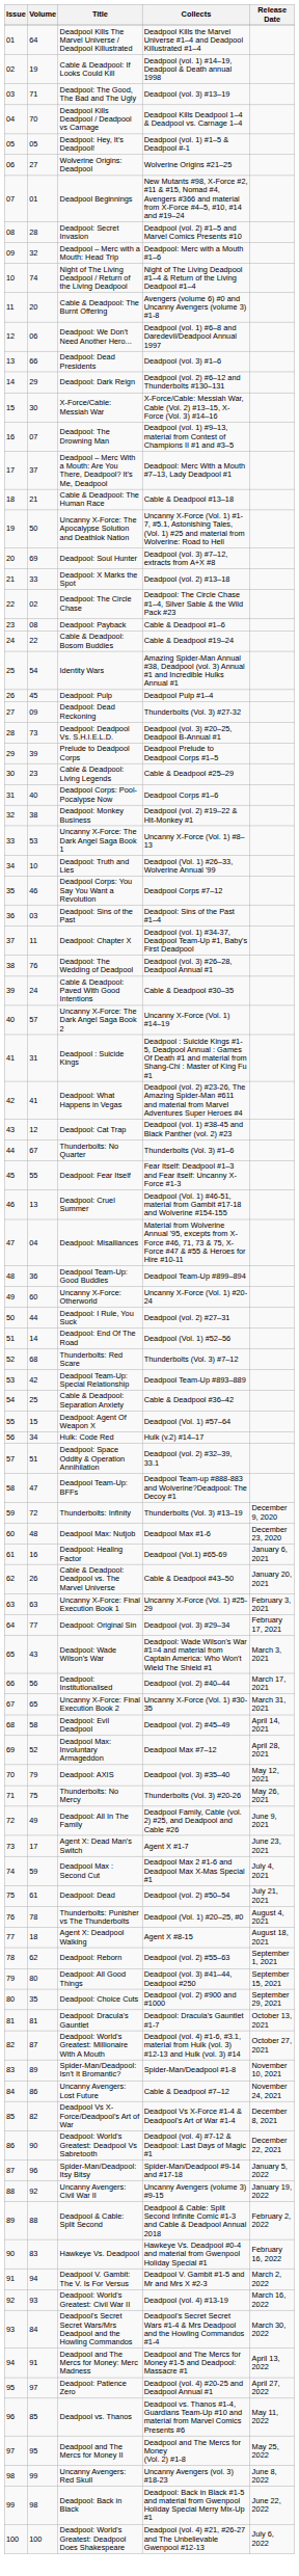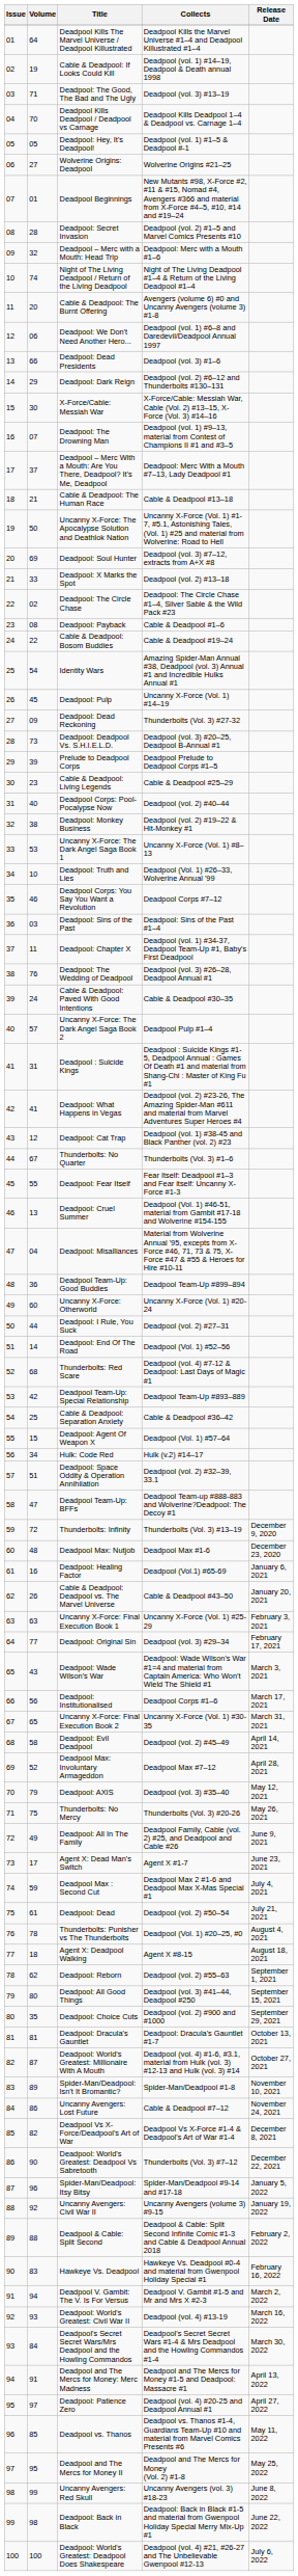 <table class="wikitable sortable" style="text-align: left;">
 <tr>
 <th>Issue</th>
 <th>Volume</th>
 <th>Title</th>
 <th>Collects</th>
 <th>Release Date</th>
 </tr>
 <tr valign="top">
 </tr>
 <tr>
 <td>01</td>
 <td>64</td>
 <td>Deadpool Kills The Marvel Universe / Deadpool Killustrated</td>
 <td>Deadpool Kills the Marvel Universe #1–4 and Deadpool Killustrated #1–4</td>
 <td></td>
 </tr>
 <tr>
 <td>02</td>
 <td>19</td>
 <td>Cable & Deadpool: If Looks Could Kill</td>
 <td>Deadpool (vol. 1) #14–19, Deadpool & Death annual 1998</td>
 <td></td>
 </tr>
 <tr>
 <td>03</td>
 <td>71</td>
 <td>Deadpool: The Good, The Bad and The Ugly</td>
 <td>Deadpool (vol. 3) #13–19</td>
 <td></td>
 </tr>
 <tr>
 <td>04</td>
 <td>70</td>
 <td>Deadpool Kills Deadpool / Deadpool vs Carnage</td>
 <td>Deadpool Kills Deadpool 1–4 & Deadpool vs. Carnage 1–4</td>
 <td></td>
 </tr>
 <tr>
 <td>05</td>
 <td>05</td>
 <td>Deadpool: Hey, It's Deadpool!</td>
 <td>Deadpool (vol. 1) #1–5 & Deadpool #-1</td>
 <td></td>
 </tr>
 <tr>
 <td>06</td>
 <td>27</td>
 <td>Wolverine Origins: Deadpool</td>
 <td>Wolverine Origins #21–25</td>
 <td></td>
 </tr>
 <tr>
 <td>07</td>
 <td>01</td>
 <td>Deadpool Beginnings</td>
 <td>New Mutants #98, X-Force #2, #11 & #15, Nomad #4, Avengers #366 and material from X-Force #4–5, #10, #14 and #19–24</td>
 <td></td>
 </tr>
 <tr>
 <td>08</td>
 <td>28</td>
 <td>Deadpool: Secret Invasion</td>
 <td>Deadpool (vol. 2) #1–5 and Marvel Comics Presents #10</td>
 <td></td>
 </tr>
 <tr>
 <td>09</td>
 <td>32</td>
 <td>Deadpool – Merc with a Mouth: Head Trip</td>
 <td>Deadpool: Merc with a Mouth #1–6</td>
 <td></td>
 </tr>
 <tr>
 <td>10</td>
 <td>74</td>
 <td>Night of The Living Deadpool / Return of the Living Deadpool</td>
 <td>Night of The Living Deadpool #1–4 & Return of the Living Deadpool #1–4</td>
 <td></td>
 </tr>
 <tr>
 <td>11</td>
 <td>20</td>
 <td>Cable & Deadpool: The Burnt Offering</td>
 <td>Avengers (volume 6) #0 and Uncanny Avengers (volume 3) #1-8</td>
 <td></td>
 </tr>
 <tr>
 <td>12</td>
 <td>06</td>
 <td>Deadpool: We Don't Need Another Hero...</td>
 <td>Deadpool (vol. 1) #6–8 and Daredevil/Deadpool Annual 1997</td>
 <td></td>
 </tr>
 <tr>
 <td>13</td>
 <td>66</td>
 <td>Deadpool: Dead Presidents</td>
 <td>Deadpool (vol. 3) #1–6</td>
 <td></td>
 </tr>
 <tr>
 <td>14</td>
 <td>29</td>
 <td>Deadpool: Dark Reign</td>
 <td>Deadpool (vol. 2) #6–12 and Thunderbolts #130–131</td>
 <td></td>
 </tr>
 <tr>
 <td>15</td>
 <td>30</td>
 <td>X-Force/Cable: Messiah War</td>
 <td>X-Force/Cable: Messiah War, Cable (Vol. 2) #13–15, X-Force (Vol. 3) #14–16</td>
 <td></td>
 </tr>
 <tr>
 <td>16</td>
 <td>07</td>
 <td>Deadpool: The Drowning Man</td>
 <td>Deadpool (vol. 1) #9–13, material from Contest of Champions II #1 and #3–5</td>
 <td></td>
 </tr>
 <tr>
 <td>17</td>
 <td>37</td>
 <td>Deadpool – Merc With a Mouth: Are You There, Deadpool? It's Me, Deadpool</td>
 <td>Deadpool: Merc With a Mouth #7–13, Lady Deadpool #1</td>
 <td></td>
 </tr>
 <tr>
 <td>18</td>
 <td>21</td>
 <td>Cable & Deadpool: The Human Race</td>
 <td>Cable & Deadpool #13–18</td>
 <td></td>
 </tr>
 <tr>
 <td>19</td>
 <td>50</td>
 <td>Uncanny X-Force: The Apocalypse Solution and Deathlok Nation</td>
 <td>Uncanny X-Force (Vol. 1) #1-7, #5.1, Astonishing Tales, (Vol. 1) #25 and material from Wolverine: Road to Hell</td>
 <td></td>
 </tr>
 <tr>
 <td>20</td>
 <td>69</td>
 <td>Deadpool: Soul Hunter</td>
 <td>Deadpool (vol. 3) #7–12, extracts from A+X #8</td>
 <td></td>
 </tr>
 <tr>
 <td>21</td>
 <td>33</td>
 <td>Deadpool: X Marks the Spot</td>
 <td>Deadpool (vol. 2) #13–18</td>
 <td></td>
 </tr>
 <tr>
 <td>22</td>
 <td>02</td>
 <td>Deadpool: The Circle Chase</td>
 <td>Deadpool: The Circle Chase #1–4, Silver Sable & the Wild Pack #23</td>
 <td></td>
 </tr>
 <tr>
 <td>23</td>
 <td>08</td>
 <td>Deadpool: Payback</td>
 <td>Cable & Deadpool #1–6</td>
 <td></td>
 </tr>
 <tr>
 <td>24</td>
 <td>22</td>
 <td>Cable & Deadpool: Bosom Buddies</td>
 <td>Cable & Deadpool #19–24</td>
 <td></td>
 </tr>
 <tr>
 <td>25</td>
 <td>54</td>
 <td>Identity Wars</td>
 <td>Amazing Spider-Man Annual #38, Deadpool (vol. 3) Annual #1 and Incredible Hulks Annual #1</td>
 <td></td>
 </tr>
 <tr>
 <td>26</td>
 <td>45</td>
 <td>Deadpool: Pulp</td>
-<td>Deadpool Pulp #1–4</td>
+<td>Uncanny X-Force (Vol. 1) #14–19</td>
 <td></td>
 </tr>
 <tr>
 <td>27</td>
 <td>09</td>
 <td>Deadpool: Dead Reckoning</td>
 <td>Thunderbolts (Vol. 3) #27-32</td>
 <td></td>
 </tr>
 <tr>
 <td>28</td>
 <td>73</td>
 <td>Deadpool: Deadpool Vs. S.H.I.E.L.D.</td>
 <td>Deadpool (vol. 3) #20–25, Deadpool B-Annual #1</td>
 <td></td>
 </tr>
 <tr>
 <td>29</td>
 <td>39</td>
 <td>Prelude to Deadpool Corps</td>
 <td>Deadpool Prelude to Deadpool Corps #1–5</td>
 <td></td>
 </tr>
 <tr>
 <td>30</td>
 <td>23</td>
 <td>Cable & Deadpool: Living Legends</td>
 <td>Cable & Deadpool #25–29</td>
 <td></td>
 </tr>
 <tr>
 <td>31</td>
 <td>40</td>
 <td>Deadpool Corps: Pool-Pocalypse Now</td>
-<td>Deadpool Corps #1–6</td>
+<td>Deadpool (vol. 2) #40–44</td>
 <td></td>
 </tr>
 <tr>
 <td>32</td>
 <td>38</td>
 <td>Deadpool: Monkey Business</td>
 <td>Deadpool (vol. 2) #19–22 & Hit-Monkey #1</td>
 <td></td>
 </tr>
 <tr>
 <td>33</td>
 <td>53</td>
 <td>Uncanny X-Force: The Dark Angel Saga Book 1</td>
 <td>Uncanny X-Force (Vol. 1) #8–13</td>
 <td></td>
 </tr>
 <tr>
 <td>34</td>
 <td>10</td>
 <td>Deadpool: Truth and Lies</td>
 <td>Deadpool (Vol. 1) #26–33, Wolverine Annual '99</td>
 <td></td>
 </tr>
 <tr>
 <td>35</td>
 <td>46</td>
 <td>Deadpool Corps: You Say You Want a Revolution</td>
 <td>Deadpool Corps #7–12</td>
 <td></td>
 </tr>
 <tr>
 <td>36</td>
 <td>03</td>
 <td>Deadpool: Sins of the Past</td>
 <td>Deadpool: Sins of the Past #1–4</td>
 <td></td>
 </tr>
 <tr>
 <td>37</td>
 <td>11</td>
 <td>Deadpool: Chapter X</td>
 <td>Deadpool (vol. 1) #34-37, Deadpool Team-Up #1, Baby's First Deadpool</td>
 <td></td>
 </tr>
 <tr>
 <td>38</td>
 <td>76</td>
 <td>Deadpool: The Wedding of Deadpool</td>
 <td>Deadpool (vol. 3) #26–28, Deadpool Annual #1</td>
 <td></td>
 </tr>
 <tr>
 <td>39</td>
 <td>24</td>
 <td>Cable & Deadpool: Paved With Good Intentions</td>
 <td>Cable & Deadpool #30–35</td>
 <td></td>
 </tr>
 <tr>
 <td>40</td>
 <td>57</td>
 <td>Uncanny X-Force: The Dark Angel Saga Book 2</td>
-<td>Uncanny X-Force (Vol. 1) #14–19</td>
+<td>Deadpool Pulp #1–4</td>
 <td></td>
 </tr>
 <tr>
 <td>41</td>
 <td>31</td>
 <td>Deadpool : Suicide Kings</td>
 <td>Deadpool : Suicide Kings #1-5, Deadpool Annual : Games Of Death #1 and material from Shang-Chi : Master of King Fu #1</td>
 <td></td>
 </tr>
 <tr>
 <td>42</td>
 <td>41</td>
 <td>Deadpool: What Happens in Vegas</td>
 <td>Deadpool (vol. 2) #23-26, The Amazing Spider-Man #611 and material from Marvel Adventures Super Heroes #4</td>
 <td></td>
 </tr>
 <tr>
 <td>43</td>
 <td>12</td>
 <td>Deadpool: Cat Trap</td>
 <td>Deadpool (vol. 1) #38-45 and Black Panther (vol. 2) #23</td>
 <td></td>
 </tr>
 <tr>
 <td>44</td>
 <td>67</td>
 <td>Thunderbolts: No Quarter</td>
 <td>Thunderbolts (Vol. 3) #1–6</td>
 <td></td>
 </tr>
 <tr>
 <td>45</td>
 <td>55</td>
 <td>Deadpool: Fear Itself</td>
 <td>Fear Itself: Deadpool #1–3 and Fear itself: Uncanny X-Force #1-3</td>
 <td></td>
 </tr>
 <tr>
 <td>46</td>
 <td>13</td>
 <td>Deadpool: Cruel Summer</td>
 <td>Deadpool (Vol. 1) #46-51, material from Gambit #17-18 and Wolverine #154-155</td>
 <td></td>
 </tr>
 <tr>
 <td>47</td>
 <td>04</td>
 <td>Deadpool: Misalliances</td>
 <td>Material from Wolverine Annual '95, excepts from X-Force #46, 71, 73 & 75, X-Force #47 & #55 & Heroes for Hire #10-11</td>
 <td></td>
 </tr>
 <tr>
 <td>48</td>
 <td>36</td>
 <td>Deadpool Team-Up: Good Buddies</td>
 <td>Deadpool Team-Up #899–894</td>
 <td></td>
 </tr>
 <tr>
 <td>49</td>
 <td>60</td>
 <td>Uncanny X-Force: Otherworld</td>
 <td>Uncanny X-Force (Vol. 1) #20-24</td>
 <td></td>
 </tr>
 <tr>
 <td>50</td>
 <td>44</td>
 <td>Deadpool: I Rule, You Suck</td>
 <td>Deadpool (vol. 2) #27–31</td>
 <td></td>
 </tr>
 <tr>
 <td>51</td>
 <td>14</td>
 <td>Deadpool: End Of The Road</td>
 <td>Deadpool (Vol. 1) #52–56</td>
 <td></td>
 </tr>
 <tr>
 <td>52</td>
 <td>68</td>
 <td>Thunderbolts: Red Scare</td>
-<td>Thunderbolts (Vol. 3) #7–12</td>
+<td>Deadpool (vol. 4) #7-12 & Deadpool: Last Days of Magic #1</td>
 <td></td>
 </tr>
 <tr>
 <td>53</td>
 <td>42</td>
 <td>Deadpool Team-Up: Special Relationship</td>
 <td>Deadpool Team-Up #893–889</td>
 <td></td>
 </tr>
 <tr>
 <td>54</td>
 <td>25</td>
 <td>Cable & Deadpool: Separation Anxiety</td>
 <td>Cable & Deadpool #36–42</td>
 <td></td>
 </tr>
 <tr>
 <td>55</td>
 <td>15</td>
 <td>Deadpool: Agent Of Weapon X</td>
 <td>Deadpool (Vol. 1) #57–64</td>
 <td></td>
 </tr>
 <tr>
 <td>56</td>
 <td>34</td>
 <td>Hulk: Code Red</td>
 <td>Hulk (v.2) #14–17</td>
 <td></td>
 </tr>
 <tr>
 <td>57</td>
 <td>51</td>
 <td>Deadpool: Space Oddity & Operation Annihilation</td>
 <td>Deadpool (vol. 2) #32–39, 33.1</td>
 <td></td>
 </tr>
 <tr>
 <td>58</td>
 <td>47</td>
 <td>Deadpool Team-Up: BFFs</td>
 <td>Deadpool Team-up #888-883 and Wolverine?Deadpool: The Decoy #1</td>
 <td></td>
 </tr>
 <tr>
 <td>59</td>
 <td>72</td>
 <td>Thunderbolts: Infinity</td>
 <td>Thunderbolts (Vol. 3) #13–19</td>
 <td>December 9, 2020</td>
 </tr>
 <tr>
 <td>60</td>
 <td>48</td>
 <td>Deadpool Max: Nutjob</td>
 <td>Deadpool Max #1-6</td>
 <td>December 23, 2020</td>
 </tr>
 <tr>
 <td>61</td>
 <td>16</td>
 <td>Deadpool: Healing Factor</td>
 <td>Deadpool (Vol.1) #65-69</td>
 <td>January 6, 2021</td>
 </tr>
 <tr>
 <td>62</td>
 <td>26</td>
 <td>Cable & Deadpool: Deadpool vs. The Marvel Universe</td>
 <td>Cable & Deadpool #43–50</td>
 <td>January 20, 2021</td>
 </tr>
 <tr>
 <td>63</td>
 <td>63</td>
 <td>Uncanny X-Force: Final Execution Book 1</td>
 <td>Uncanny X-Force (Vol. 1) #25-29</td>
 <td>February 3, 2021</td>
 </tr>
 <tr>
 <td>64</td>
 <td>77</td>
 <td>Deadpool: Original Sin</td>
 <td>Deadpool (vol. 3) #29–34</td>
 <td>February 17, 2021</td>
 </tr>
 <tr>
 <td>65</td>
 <td>43</td>
 <td>Deadpool: Wade Wilson's War</td>
 <td>Deadpool: Wade Wilson's War #1=4 and material from Captain America: Who Won't Wield The Shield #1</td>
 <td>March 3, 2021</td>
 </tr>
 <tr>
 <td>66</td>
 <td>56</td>
 <td>Deadpool: Institutionalised</td>
-<td>Deadpool (vol. 2) #40–44</td>
+<td>Deadpool Corps #1–6</td>
 <td>March 17, 2021</td>
 </tr>
 <tr>
 <td>67</td>
 <td>65</td>
 <td>Uncanny X-Force: Final Execution Book 2</td>
 <td>Uncanny X-Force (Vol. 1) #30-35</td>
 <td>March 31, 2021</td>
 </tr>
 <tr>
 <td>68</td>
 <td>58</td>
 <td>Deadpool: Evil Deadpool</td>
 <td>Deadpool (vol. 2) #45–49</td>
 <td>April 14, 2021</td>
 </tr>
 <tr>
 <td>69</td>
 <td>52</td>
 <td>Deadpool Max: Involuntary Armageddon</td>
 <td>Deadpool Max #7–12</td>
 <td>April 28, 2021</td>
 </tr>
 <tr>
 <td>70</td>
 <td>79</td>
 <td>Deadpool: AXIS</td>
 <td>Deadpool (vol. 3) #35–40</td>
 <td>May 12, 2021</td>
 </tr>
 <tr>
 <td>71</td>
 <td>75</td>
 <td>Thunderbolts: No Mercy</td>
 <td>Thunderbolts (Vol. 3) #20-26</td>
 <td>May 26, 2021</td>
 </tr>
 <tr>
 <td>72</td>
 <td>49</td>
 <td>Deadpool: All In The Family</td>
 <td>Deadpool Family, Cable (vol. 2) #25, and Deadpool and Cable #26</td>
 <td>June 9, 2021</td>
 </tr>
 <tr>
 <td>73</td>
 <td>17</td>
 <td>Agent X: Dead Man's Switch</td>
 <td>Agent X #1-7</td>
 <td>June 23, 2021</td>
 </tr>
 <tr>
 <td>74</td>
 <td>59</td>
 <td>Deadpool Max : Second Cut</td>
 <td>Deadpool Max 2 #1-6 and Deadpool Max X-Mas Special #1</td>
 <td>July 4, 2021</td>
 </tr>
 <tr>
 <td>75</td>
 <td>61</td>
 <td>Deadpool: Dead</td>
 <td>Deadpool (vol. 2) #50–54</td>
 <td>July 21, 2021</td>
 </tr>
 <tr>
 <td>76</td>
 <td>78</td>
 <td>Thunderbolts: Punisher vs The Thunderbolts</td>
 <td>Deadpool (Vol. 1) #20–25, #0</td>
 <td>August 4, 2021</td>
 </tr>
 <tr>
 <td>77</td>
 <td>18</td>
 <td>Agent X: Deadpool Walking</td>
 <td>Agent X #8-15</td>
 <td>August 18, 2021</td>
 </tr>
 <tr>
 <td>78</td>
 <td>62</td>
 <td>Deadpool: Reborn</td>
 <td>Deadpool (vol. 2) #55–63</td>
 <td>September 1, 2021</td>
 </tr>
 <tr>
 <td>79</td>
 <td>80</td>
 <td>Deadpool: All Good Things</td>
 <td>Deadpool (vol. 3) #41–44, Deadpool #250</td>
 <td>September 15, 2021</td>
 </tr>
 <tr>
 <td>80</td>
 <td>35</td>
 <td>Deadpool: Choice Cuts</td>
 <td>Deadpool (vol. 2) #900 and #1000</td>
 <td>September 29, 2021</td>
 </tr>
 <tr>
 <td>81</td>
 <td>81</td>
 <td>Deadpool: Dracula's Gauntlet</td>
 <td>Deadpool: Dracula's Gauntlet #1-7</td>
 <td>October 13, 2021</td>
 </tr>
 <tr>
 <td>82</td>
 <td>87</td>
 <td>Deadpool: World's Greatest: Millionaire With A Mouth</td>
 <td>Deadpool (vol. 4) #1-6, #3.1, material from Hulk (vol. 3) #12-13 and Hulk (vol. 3) #14</td>
 <td>October 27, 2021</td>
 </tr>
 <tr>
 <td>83</td>
 <td>89</td>
 <td>Spider-Man/Deadpool: Isn't It Bromantic?</td>
 <td>Spider-Man/Deadpool #1-8</td>
 <td>November 10, 2021</td>
 </tr>
 <tr>
 <td>84</td>
 <td>86</td>
 <td>Uncanny Avengers: Lost Future</td>
 <td>Cable & Deadpool #7–12</td>
 <td>November 24, 2021</td>
 </tr>
 <tr>
 <td>85</td>
 <td>82</td>
 <td>Deadpool Vs X-Force/Deadpool's Art of War</td>
 <td>Deadpool Vs X-Force #1-4 & Deadpool's Art of War #1-4</td>
 <td>December 8, 2021</td>
 </tr>
 <tr>
 <td>86</td>
 <td>90</td>
 <td>Deadpool: World's Greatest: Deadpool Vs Sabretooth</td>
-<td>Deadpool (vol. 4) #7-12 & Deadpool: Last Days of Magic #1</td>
+<td>Thunderbolts (Vol. 3) #7–12</td>
 <td>December 22, 2021</td>
 </tr>
 <tr>
 <td>87</td>
 <td>96</td>
 <td>Spider-Man/Deadpool: Itsy Bitsy</td>
 <td>Spider-Man/Deadpool #9-14 and #17-18</td>
 <td>January 5, 2022</td>
 </tr>
 <tr>
 <td>88</td>
 <td>92</td>
 <td>Uncanny Avengers: Civil War II</td>
 <td>Uncanny Avengers (volume 3) #9-15</td>
 <td>January 19, 2022</td>
 </tr>
 <tr>
 <td>89</td>
 <td>88</td>
 <td>Deadpool & Cable: Split Second</td>
 <td>Deadpool & Cable: Split Second Infinite Comic #1-3 and Cable & Deadpool Annual 2018</td>
 <td>February 2, 2022</td>
 </tr>
 <tr>
 <td>90</td>
 <td>83</td>
 <td>Hawkeye Vs. Deadpool</td>
 <td>Hawkeye Vs. Deadpool #0-4 and material from Gwenpool Holiday Special #1</td>
 <td>February 16, 2022</td>
 </tr>
 <tr>
 <td>91</td>
 <td>94</td>
 <td>Deadpool V. Gambit: The V. Is For Versus</td>
 <td>Deadpool V. Gambit #1-5 and Mr and Mrs X #2-3</td>
 <td>March 2, 2022</td>
 </tr>
 <tr>
 <td>92</td>
 <td>93</td>
 <td>Deadpool: World's Greatest: Civil War II</td>
 <td>Deadpool (vol. 4) #13-19</td>
 <td>March 16, 2022</td>
 </tr>
 <tr>
 <td>93</td>
 <td>84</td>
 <td>Deadpool's Secret Secret Wars/Mrs Deadpool and the Howling Commandos</td>
 <td>Deadpool's Secret Secret Wars #1-4 & Mrs Deadpool and the Howling Commandos #1-4</td>
 <td>March 30, 2022</td>
 </tr>
 <tr>
 <td>94</td>
 <td>91</td>
 <td>Deadpool and The Mercs for Money: Merc Madness</td>
 <td>Deadpool and The Mercs for Money #1-5 and Deadpool: Massacre #1</td>
 <td>April 13, 2022</td>
 </tr>
 <tr>
 <td>95</td>
 <td>97</td>
 <td>Deadpool: Patience Zero</td>
 <td>Deadpool (vol. 4) #20-25 and Deadpool Annual #1</td>
 <td>April 27, 2022</td>
 </tr>
 <tr>
 <td>96</td>
 <td>85</td>
 <td>Deadpool vs. Thanos</td>
 <td>Deadpool vs. Thanos #1-4, Guardians Team-Up #10 and material from Marvel Comics Presents #6</td>
 <td>May 11, 2022</td>
 </tr>
 <tr>
 <td>97</td>
 <td>95</td>
 <td>Deadpool and The Mercs for Money II</td>
 <td>Deadpool and The Mercs for Money<br>(Vol. 2) #1-8</td>
 <td>May 25, 2022</td>
 </tr>
 <tr>
 <td>98</td>
 <td>99</td>
 <td>Uncanny Avengers: Red Skull</td>
 <td>Uncanny Avengers (vol. 3) #18-23</td>
 <td>June 8, 2022</td>
 </tr>
 <tr>
 <td>99</td>
 <td>98</td>
 <td>Deadpool: Back in Black</td>
 <td>Deadpool: Back in Black #1-5 and material from Gwenpool Holiday Special Merry Mix-Up #1</td>
 <td>June 22, 2022</td>
 </tr>
 <tr>
 <td>100</td>
 <td>100</td>
 <td>Deadpool: World's Greatest: Deadpool Does Shakespeare</td>
 <td>Deadpool (vol. 4) #21, #26-27 and The Unbelievable Gwenpool #12-13</td>
 <td>July 6, 2022</td>
 </tr>
 </table>
